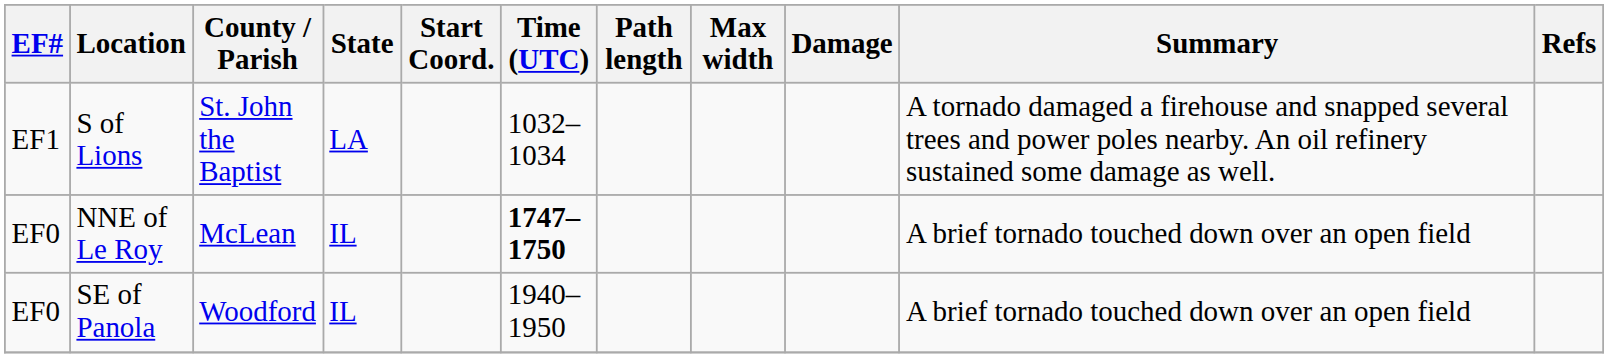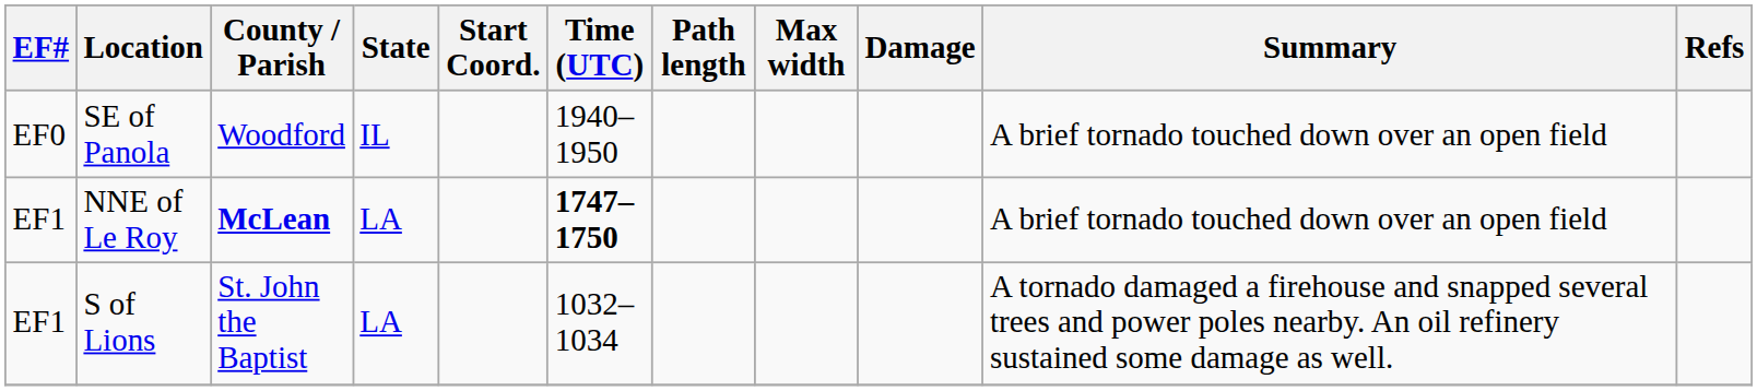 <table class="wikitable sortable" style="width:100%;">
 <tr>
 <th scope="col" width="3%" align="center"><a href='#'>EF#</a></th>
 <th scope="col" width="7%" align="center" class="unsortable">Location</th>
 <th scope="col" width="6%" align="center" class="unsortable">County / Parish</th>
 <th scope="col" width="5%" align="center">State</th>
 <th scope="col" width="6%" class="unsortable" align="center">Start Coord.</th>
 <th scope="col" width="6%" align="center">Time (<a href='#'>UTC</a>)</th>
 <th scope="col" width="6%" align="center">Path length</th>
 <th scope="col" width="6%" align="center">Max width</th>
 <th scope="col" width="6%" align="center">Damage</th>
 <th scope="col" width="48%" class="unsortable" align="center">Summary</th>
 <th scope="col" width="48%" class="unsortable" align="center">Refs</th>
 </tr>
 <tr>
+<td>EF0</td>
+<td>SE of <a href='#'>Panola</a></td>
+<td><a href='#'>Woodford</a></td>
+<td><a href='#'>IL</a></td>
+<td></td>
+<td>1940–1950</td>
+<td></td>
+<td></td>
+<td></td>
+<td>A brief tornado touched down over an open field</td>
+<td></td>
+</tr>
+<tr>
+<td>EF1</td>
+<td>NNE of <a href='#'>Le Roy</a></td>
+<td><strong><a href='#'>McLean</a></strong></td>
+<td><a href='#'>LA</a></td>
+<td></td>
+<td><strong>1747–1750</strong></td>
+<td></td>
+<td></td>
+<td></td>
+<td>A brief tornado touched down over an open field</td>
+<td></td>
+</tr>
+<tr>
 <td>EF1</td>
 <td>S of <a href='#'>Lions</a></td>
 <td><a href='#'>St. John the Baptist</a></td>
 <td><a href='#'>LA</a></td>
 <td></td>
 <td>1032–1034</td>
 <td></td>
 <td></td>
 <td></td>
 <td>A tornado damaged a firehouse and snapped several trees and power poles nearby. An oil refinery sustained some damage as well.</td>
 <td></td>
 </tr>
 <tr>
-<td>EF0</td>
-<td>NNE of <a href='#'>Le Roy</a></td>
-<td><a href='#'>McLean</a></td>
-<td><a href='#'>IL</a></td>
-<td></td>
-<td><strong>1747–1750</strong></td>
-<td></td>
-<td></td>
-<td></td>
-<td>A brief tornado touched down over an open field</td>
-<td></td>
-</tr>
-<tr>
-<td>EF0</td>
-<td>SE of <a href='#'>Panola</a></td>
-<td><a href='#'>Woodford</a></td>
-<td><a href='#'>IL</a></td>
-<td></td>
-<td>1940–1950</td>
-<td></td>
-<td></td>
-<td></td>
-<td>A brief tornado touched down over an open field</td>
-<td></td>
-</tr>
-<tr>
 </tr>
 </table>
